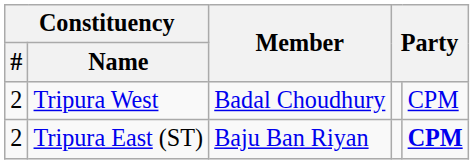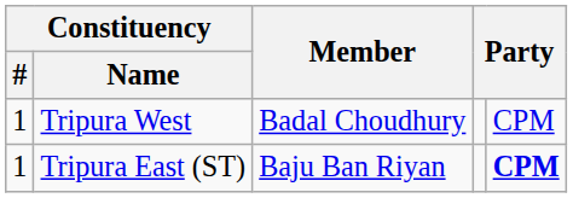 <table class="wikitable sortable">
 <tr>
 <th colspan="2">Constituency</th>
 <th rowspan="2">Member</th>
 <th colspan="2" rowspan="2">Party</th>
 </tr>
 <tr>
 <th>#</th>
 <th>Name</th>
 </tr>
 <tr>
-<td>2</td>
+<td>1</td>
 <td><a href='#'>Tripura West</a></td>
 <td><a href='#'>Badal Choudhury</a></td>
 <td style="background-color: "></td>
 <td><a href='#'>CPM</a></td>
 </tr>
 <tr>
-<td>2</td>
+<td>1</td>
 <td><a href='#'>Tripura East</a> (ST)</td>
 <td><a href='#'>Baju Ban Riyan</a></td>
 <td style="background-color: "></td>
 <td><strong><a href='#'>CPM</a></strong></td>
 </tr>
 </table>
